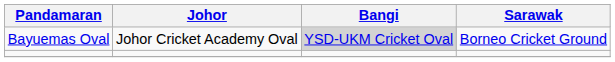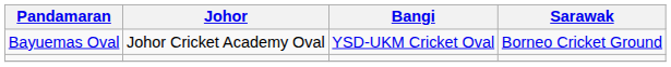 <table class="wikitable" style="text-align:center">
 <tr>
 <th><a href='#'>Pandamaran</a></th>
 <th><a href='#'>Johor</a></th>
 <th><a href='#'>Bangi</a></th>
 <th><a href='#'>Sarawak</a></th>
 </tr>
 <tr>
 <td><a href='#'>Bayuemas Oval</a></td>
 <td>Johor Cricket Academy Oval</td>
-<td style="background: lightgrey;"><a href='#'>YSD-UKM Cricket Oval</a></td>
+<td><a href='#'>YSD-UKM Cricket Oval</a></td>
 <td><a href='#'>Borneo Cricket Ground</a></td>
 </tr>
 <tr>
 <td></td>
 <td></td>
 <td></td>
 <td></td>
 </tr>
 <tr>
 </tr>
 </table>
